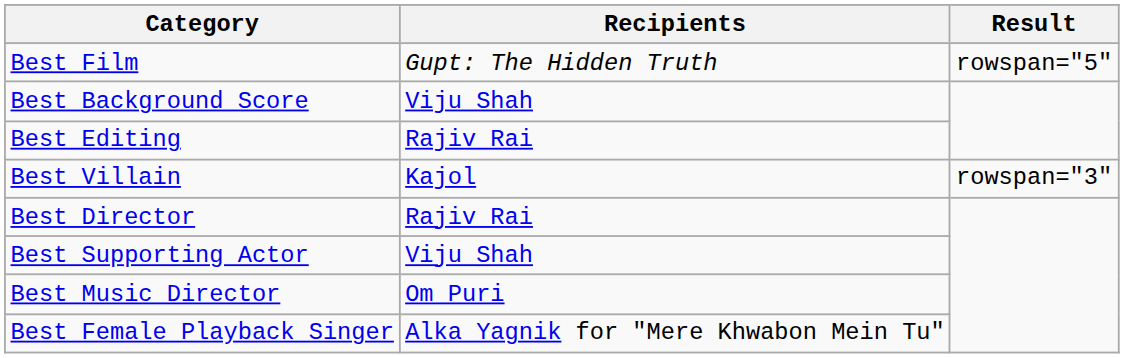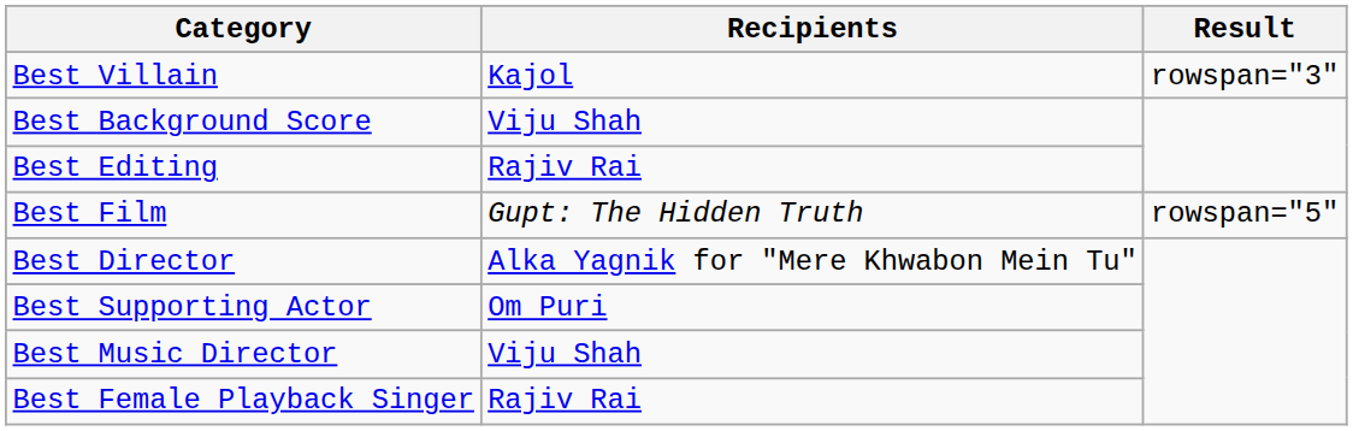 <table class="wikitable">
 <tr>
 <th>Category</th>
 <th>Recipients</th>
 <th>Result</th>
 </tr>
 <tr>
-<td><a href='#'>Best Film</a></td>
-<td><em>Gupt: The Hidden Truth</em></td>
-<td>rowspan="5"</td>
+<td><a href='#'>Best Villain</a></td>
+<td><a href='#'>Kajol</a></td>
+<td>rowspan="3"</td>
 </tr>
 <tr>
 <td><a href='#'>Best Background Score</a></td>
 <td><a href='#'>Viju Shah</a></td>
 </tr>
 <tr>
 <td><a href='#'>Best Editing</a></td>
 <td><a href='#'>Rajiv Rai</a></td>
 </tr>
 <tr>
-<td><a href='#'>Best Villain</a></td>
-<td><a href='#'>Kajol</a></td>
-<td>rowspan="3"</td>
+<td><a href='#'>Best Film</a></td>
+<td><em>Gupt: The Hidden Truth</em></td>
+<td>rowspan="5"</td>
 </tr>
 <tr>
 <td><a href='#'>Best Director</a></td>
-<td><a href='#'>Rajiv Rai</a></td>
+<td><a href='#'>Alka Yagnik</a> for "Mere Khwabon Mein Tu"</td>
 </tr>
 <tr>
 <td><a href='#'>Best Supporting Actor</a></td>
+<td><a href='#'>Om Puri</a></td>
+</tr>
+<tr>
+<td><a href='#'>Best Music Director</a></td>
 <td><a href='#'>Viju Shah</a></td>
 </tr>
 <tr>
-<td><a href='#'>Best Music Director</a></td>
-<td><a href='#'>Om Puri</a></td>
-</tr>
-<tr>
 <td><a href='#'>Best Female Playback Singer</a></td>
-<td><a href='#'>Alka Yagnik</a> for "Mere Khwabon Mein Tu"</td>
+<td><a href='#'>Rajiv Rai</a></td>
 </tr>
 </table>
